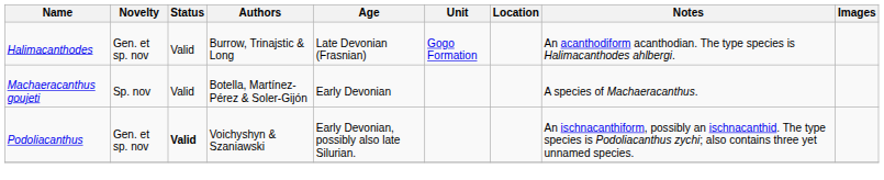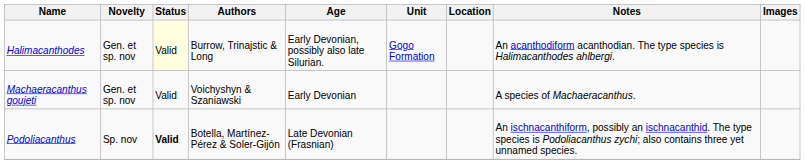 <table class="wikitable sortable" align="center" width="100%">
 <tr>
 <th>Name</th>
 <th>Novelty</th>
 <th>Status</th>
 <th>Authors</th>
 <th>Age</th>
 <th>Unit</th>
 <th>Location</th>
 <th>Notes</th>
 <th>Images</th>
 </tr>
 <tr>
 <td><br><em><a href='#'>Halimacanthodes</a></em></td>
 <td><br>Gen. et sp. nov</td>
-<td><br>Valid</td>
+<td style="background: lightyellow;"><br>Valid</td>
 <td><br>Burrow, Trinajstic & Long</td>
-<td><br>Late Devonian (Frasnian)</td>
+<td><br>Early Devonian, possibly also late Silurian.</td>
 <td><br><a href='#'>Gogo Formation</a></td>
 <td><br></td>
 <td><br>An <a href='#'>acanthodiform</a> acanthodian. The type species is <em>Halimacanthodes ahlbergi</em>.</td>
 <td></td>
 </tr>
 <tr>
 <td><br><em><a href='#'>Machaeracanthus goujeti</a></em></td>
-<td><br>Sp. nov</td>
+<td><br>Gen. et sp. nov</td>
 <td><br>Valid</td>
-<td><br>Botella, Martínez-Pérez & Soler-Gijón</td>
+<td><br>Voichyshyn & Szaniawski</td>
 <td><br>Early Devonian</td>
 <td></td>
 <td><br><br> </td>
 <td><br>A species of <em>Machaeracanthus</em>.</td>
 <td></td>
 </tr>
 <tr>
 <td><br><em><a href='#'>Podoliacanthus</a></em></td>
-<td><br>Gen. et sp. nov</td>
+<td><br>Sp. nov</td>
 <td><strong><br>Valid</strong></td>
-<td><br>Voichyshyn & Szaniawski</td>
-<td><br>Early Devonian, possibly also late Silurian.</td>
+<td><br>Botella, Martínez-Pérez & Soler-Gijón</td>
+<td><br>Late Devonian (Frasnian)</td>
 <td></td>
 <td><br><br> </td>
 <td><br>An <a href='#'>ischnacanthiform</a>, possibly an <a href='#'>ischnacanthid</a>. The type species is <em>Podoliacanthus zychi</em>; also contains three yet unnamed species.</td>
 <td></td>
 </tr>
 <tr>
 </tr>
 </table>
